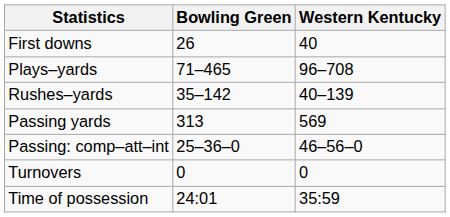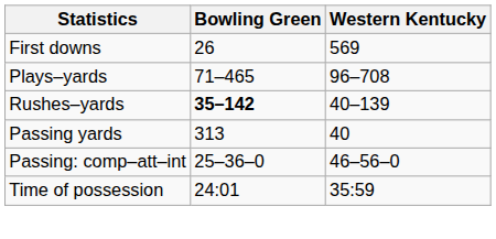 <table class="wikitable" style="float:left">
 <tr>
 <th>Statistics</th>
 <th>Bowling Green</th>
 <th>Western Kentucky</th>
 </tr>
 <tr>
 <td>First downs</td>
 <td>26</td>
-<td>40</td>
+<td>569</td>
 </tr>
 <tr>
 <td>Plays–yards</td>
 <td>71–465</td>
 <td>96–708</td>
 </tr>
 <tr>
 <td>Rushes–yards</td>
-<td>35–142</td>
+<td><strong>35–142</strong></td>
 <td>40–139</td>
 </tr>
 <tr>
 <td>Passing yards</td>
 <td>313</td>
-<td>569</td>
+<td>40</td>
 </tr>
 <tr>
 <td>Passing: comp–att–int</td>
 <td>25–36–0</td>
 <td>46–56–0</td>
 </tr>
 <tr>
-<td>Turnovers</td>
-<td>0</td>
-<td>0</td>
-</tr>
-<tr>
 <td>Time of possession</td>
 <td>24:01</td>
 <td>35:59</td>
 </tr>
 </table>
